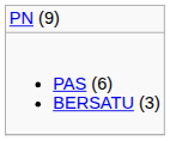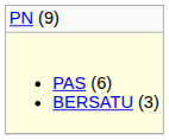 <table class="wikitable">
 <tr>
 <td> <a href='#'>PN</a> (9)</td>
 </tr>
 <tr>
-<td><br><ul><li> <a href='#'>PAS</a> (6)</li><li> <a href='#'>BERSATU</a> (3)</li></ul></td>
+<td style="background: lightyellow;"><br><ul><li> <a href='#'>PAS</a> (6)</li><li> <a href='#'>BERSATU</a> (3)</li></ul></td>
 </tr>
 <tr>
 </tr>
 </table>
